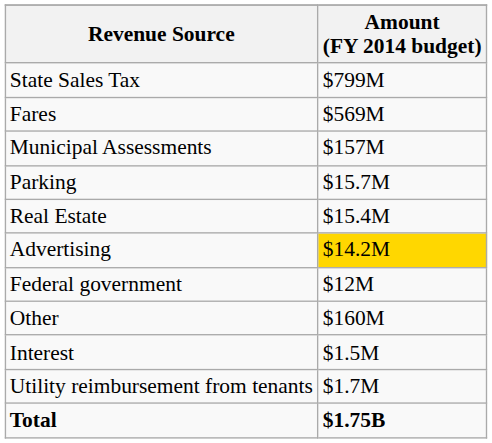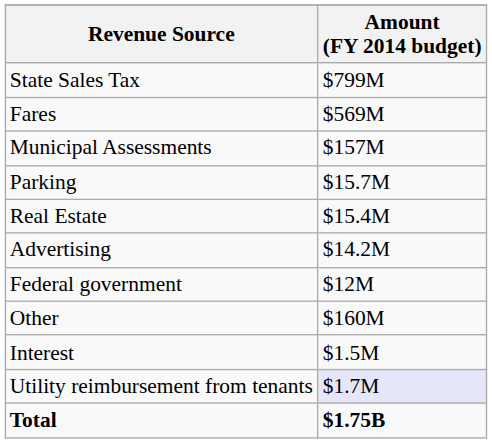 <table class="wikitable" style="float:right; clear:right; margin-left:3px; margin:10px">
 <tr>
 </tr>
 <tr>
 <th>Revenue Source</th>
 <th>Amount<br>(FY 2014 budget)</th>
 </tr>
 <tr>
 <td>State Sales Tax</td>
 <td>$799M</td>
 </tr>
 <tr>
 <td>Fares</td>
 <td>$569M</td>
 </tr>
 <tr>
 <td>Municipal Assessments</td>
 <td>$157M</td>
 </tr>
 <tr>
 <td>Parking</td>
 <td>$15.7M</td>
 </tr>
 <tr>
 <td>Real Estate</td>
 <td>$15.4M</td>
 </tr>
 <tr>
 <td>Advertising</td>
-<td style="background: gold;">$14.2M</td>
+<td>$14.2M</td>
 </tr>
 <tr>
 <td>Federal government</td>
 <td>$12M</td>
 </tr>
 <tr>
 <td>Other</td>
 <td>$160M</td>
 </tr>
 <tr>
 <td>Interest</td>
 <td>$1.5M</td>
 </tr>
 <tr>
 <td>Utility reimbursement from tenants</td>
-<td>$1.7M</td>
+<td style="background: lavender;">$1.7M</td>
 </tr>
 <tr>
 <td><strong>Total</strong></td>
 <td><strong>$1.75B</strong></td>
 </tr>
 </table>
